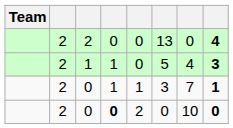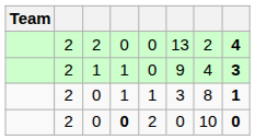 <table class="wikitable" align="right" style="text-align:center">
 <tr>
 <th>Team</th>
 <th width=20></th>
 <th width=20></th>
 <th width=20></th>
 <th width=20></th>
 <th width=20></th>
 <th width=20><br></th>
 <th width=20></th>
 </tr>
 <tr style="background:#ccffcc">
 <td align="left"></td>
 <td>2</td>
 <td>2</td>
 <td>0</td>
 <td>0</td>
 <td>13</td>
-<td>0</td>
+<td>2</td>
 <td><strong>4</strong></td>
 </tr>
 <tr style="background:#ccffcc">
 <td align="left"></td>
 <td>2</td>
 <td>1</td>
 <td>1</td>
 <td>0</td>
-<td>5</td>
+<td>9</td>
 <td>4</td>
 <td><strong>3</strong></td>
 </tr>
 <tr>
 <td align="left"></td>
 <td>2</td>
 <td>0</td>
 <td>1</td>
 <td>1</td>
 <td>3</td>
-<td>7</td>
+<td>8</td>
 <td><strong>1</strong></td>
 </tr>
 <tr>
 <td align="left"></td>
 <td>2</td>
 <td>0</td>
 <td><strong>0</strong></td>
 <td>2</td>
 <td>0</td>
 <td>10</td>
 <td><strong>0</strong></td>
 </tr>
 </table>
